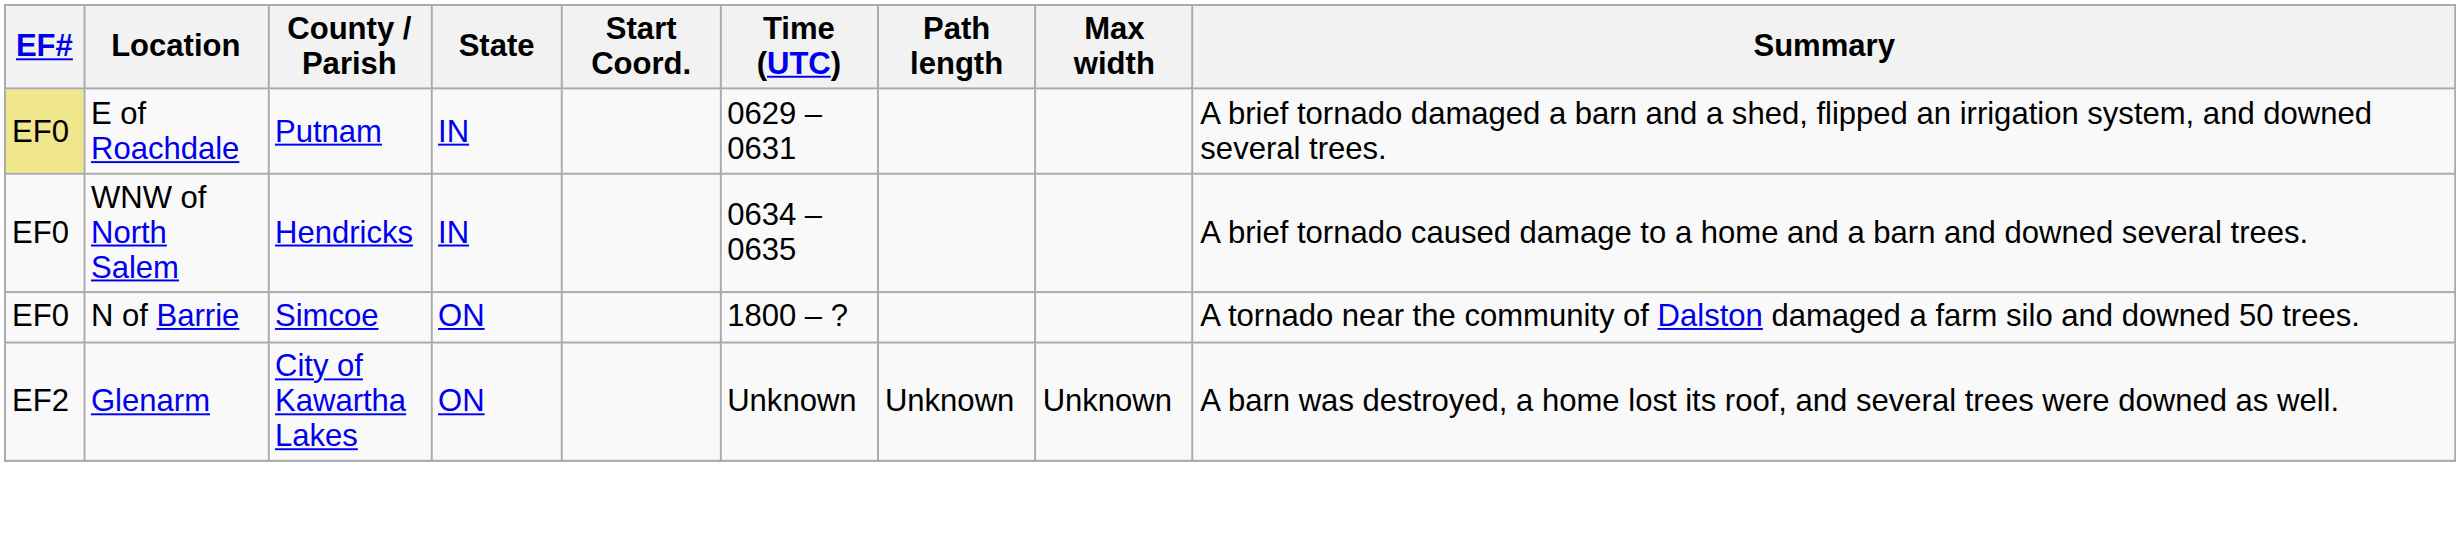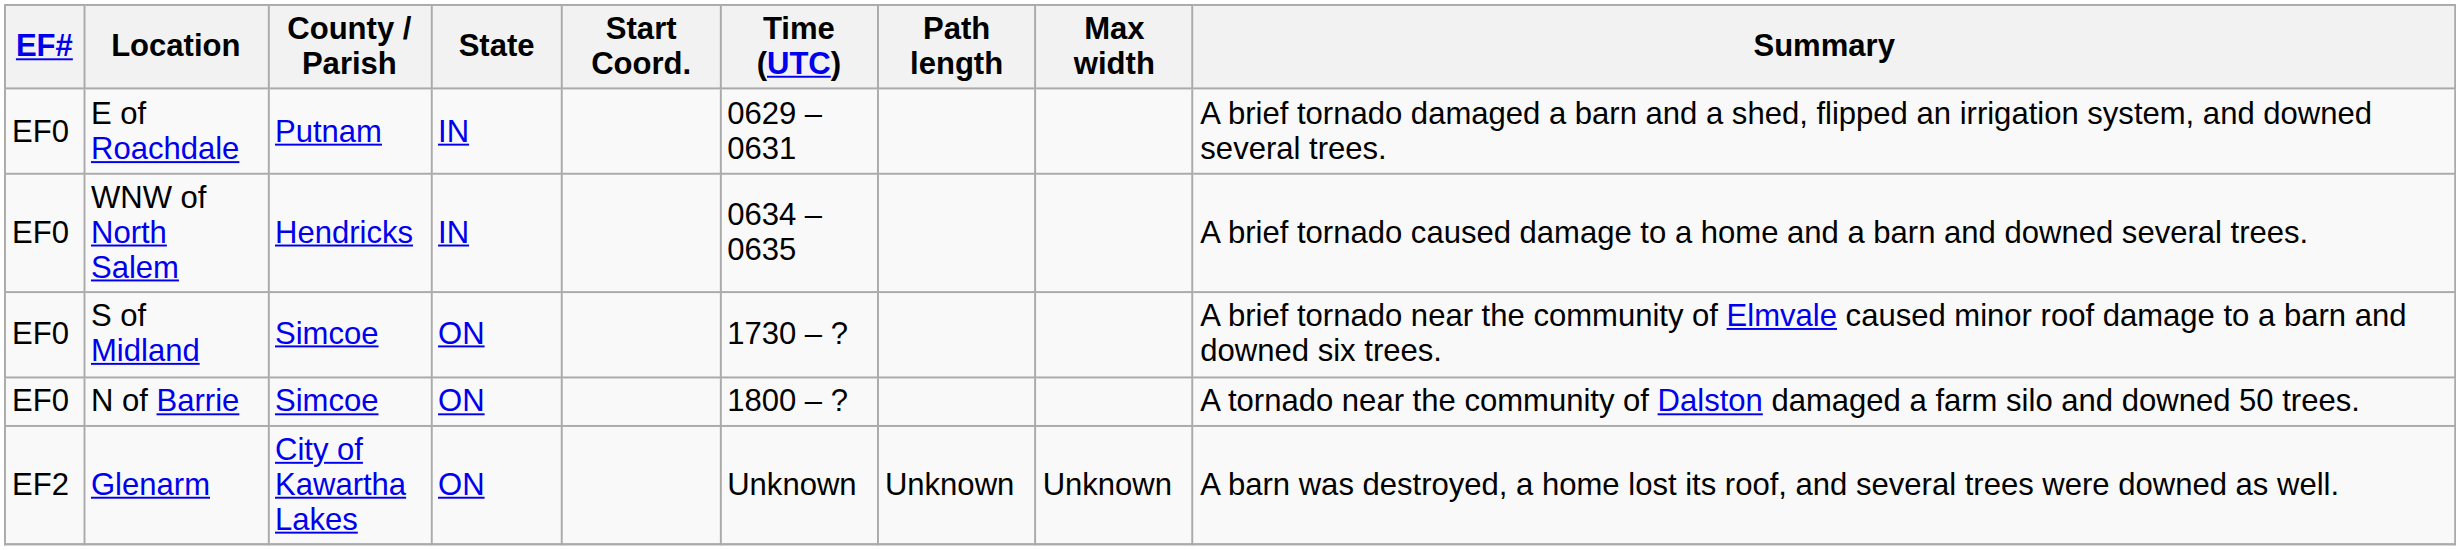 <table class="wikitable sortable" style="width:100%;">
 <tr>
 <th scope="col" width="3%" align="center"><a href='#'>EF#</a></th>
 <th scope="col" width="7%" align="center" class="unsortable">Location</th>
 <th scope="col" width="6%" align="center" class="unsortable">County / Parish</th>
 <th scope="col" width="5%" align="center">State</th>
 <th scope="col" width="6%" align="center">Start Coord.</th>
 <th scope="col" width="6%" align="center">Time (<a href='#'>UTC</a>)</th>
 <th scope="col" width="6%" align="center">Path length</th>
 <th scope="col" width="6%" align="center">Max width</th>
 <th scope="col" width="48%" class="unsortable" align="center">Summary</th>
 </tr>
 <tr>
-<td style="background: khaki;">EF0</td>
+<td>EF0</td>
 <td>E of <a href='#'>Roachdale</a></td>
 <td><a href='#'>Putnam</a></td>
 <td><a href='#'>IN</a></td>
 <td></td>
 <td>0629 – 0631</td>
 <td></td>
 <td></td>
 <td>A brief tornado damaged a barn and a shed, flipped an irrigation system, and downed several trees.</td>
 </tr>
 <tr>
 <td>EF0</td>
 <td>WNW of <a href='#'>North Salem</a></td>
 <td><a href='#'>Hendricks</a></td>
 <td><a href='#'>IN</a></td>
 <td></td>
 <td>0634 – 0635</td>
 <td></td>
 <td></td>
 <td>A brief tornado caused damage to a home and a barn and downed several trees.</td>
+</tr>
+<tr>
+<td>EF0</td>
+<td>S of <a href='#'>Midland</a></td>
+<td><a href='#'>Simcoe</a></td>
+<td><a href='#'>ON</a></td>
+<td></td>
+<td>1730 – ?</td>
+<td></td>
+<td></td>
+<td>A brief tornado near the community of <a href='#'>Elmvale</a> caused minor roof damage to a barn and downed six trees.</td>
 </tr>
 <tr>
 <td>EF0</td>
 <td>N of <a href='#'>Barrie</a></td>
 <td><a href='#'>Simcoe</a></td>
 <td><a href='#'>ON</a></td>
 <td></td>
 <td>1800 – ?</td>
 <td></td>
 <td></td>
 <td>A tornado near the community of <a href='#'>Dalston</a> damaged a farm silo and downed 50 trees.</td>
 </tr>
 <tr>
 <td>EF2</td>
 <td><a href='#'>Glenarm</a></td>
 <td><a href='#'>City of Kawartha Lakes</a></td>
 <td><a href='#'>ON</a></td>
 <td></td>
 <td>Unknown</td>
 <td>Unknown</td>
 <td>Unknown</td>
 <td>A barn was destroyed, a home lost its roof, and several trees were downed as well.</td>
 </tr>
 <tr>
 </tr>
 </table>
